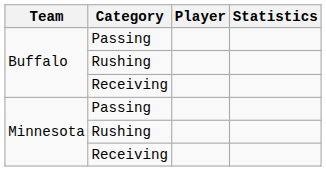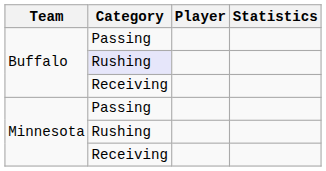 <table class="wikitable" style="float: right;">
 <tr>
 <th>Team</th>
 <th>Category</th>
 <th>Player</th>
 <th>Statistics</th>
 </tr>
 <tr>
 <td rowspan=3>Buffalo</td>
 <td>Passing</td>
 <td></td>
 <td></td>
 </tr>
 <tr>
-<td>Rushing</td>
+<td style="background: lavender;">Rushing</td>
 <td></td>
 <td></td>
 </tr>
 <tr>
 <td>Receiving</td>
 <td></td>
 <td></td>
 </tr>
 <tr>
 <td rowspan=3>Minnesota</td>
 <td>Passing</td>
 <td></td>
 <td></td>
 </tr>
 <tr>
 <td>Rushing</td>
 <td></td>
 <td></td>
 </tr>
 <tr>
 <td>Receiving</td>
 <td></td>
 <td></td>
 </tr>
 </table>
